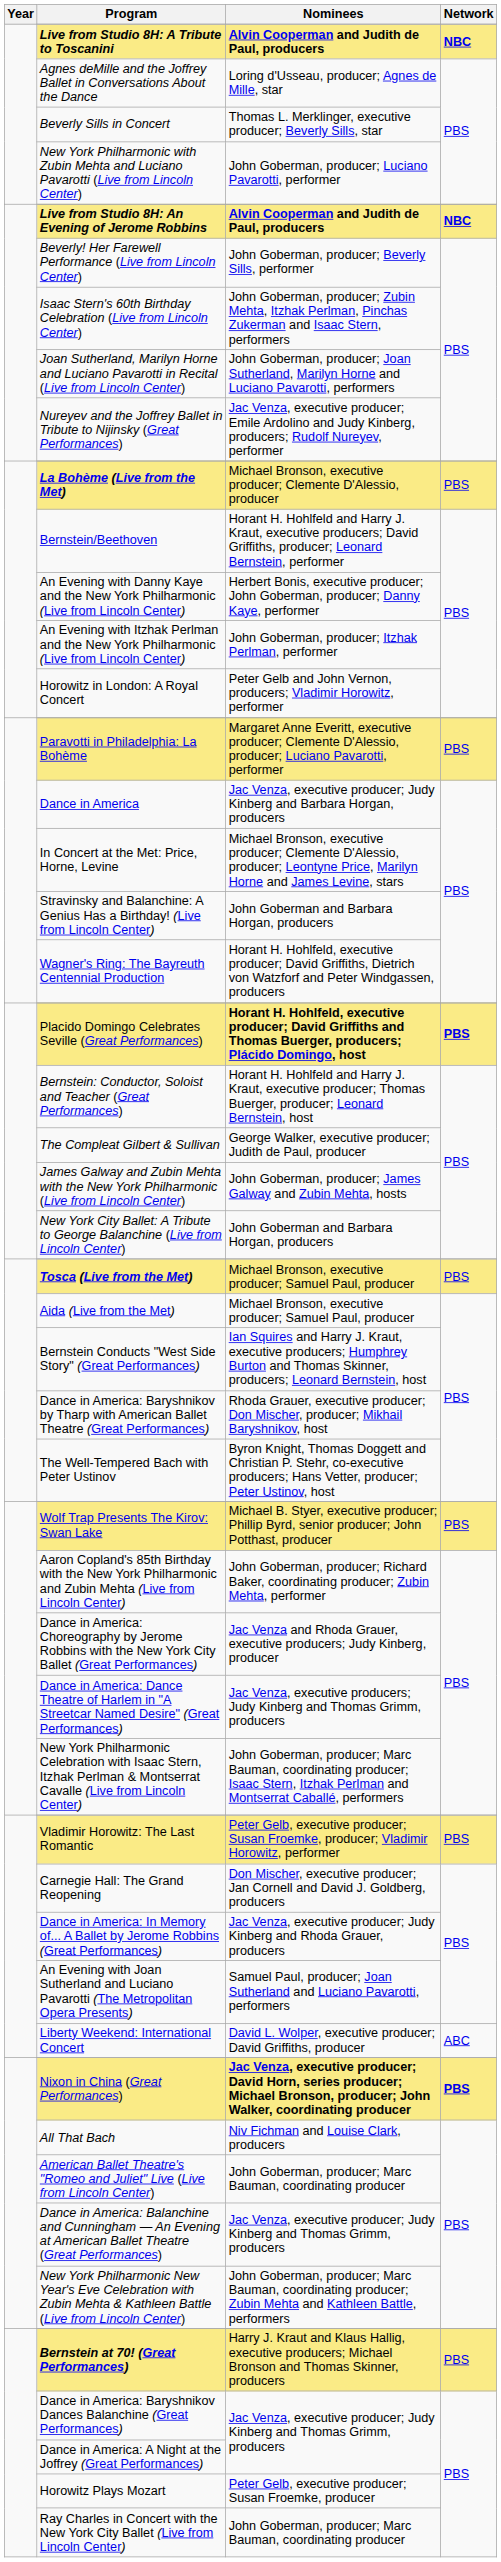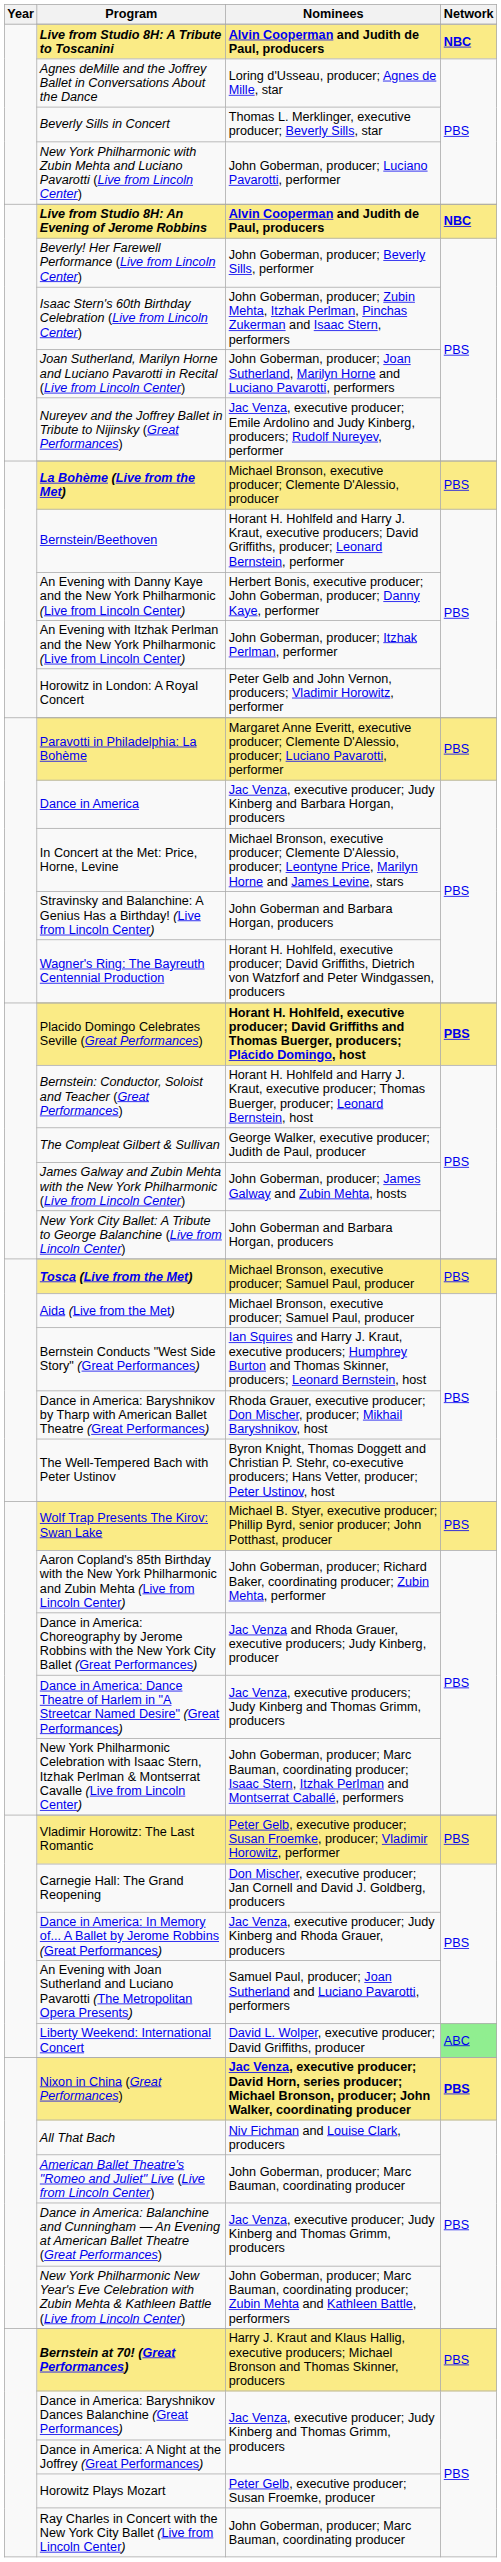 <table class="wikitable" style="width:100%">
 <tr style="background:#bebebe;">
 <th width="5%">Year</th>
 <th width="41%">Program</th>
 <th width="49%">Nominees</th>
 <th width="5%">Network</th>
 </tr>
 <tr>
 <td rowspan="5"></td>
 </tr>
 <tr style="background:#FAEB86;">
 <td><strong><em>Live from Studio 8H: A Tribute to Toscanini</em></strong></td>
 <td><strong><a href='#'>Alvin Cooperman</a> and Judith de Paul, producers</strong></td>
 <td><strong><a href='#'>NBC</a></strong></td>
 </tr>
 <tr>
 <td><em>Agnes deMille and the Joffrey Ballet in Conversations About the Dance</em></td>
 <td>Loring d'Usseau, producer; <a href='#'>Agnes de Mille</a>, star</td>
 <td rowspan=3><a href='#'>PBS</a></td>
 </tr>
 <tr>
 <td><em>Beverly Sills in Concert</em></td>
 <td>Thomas L. Merklinger, executive producer; <a href='#'>Beverly Sills</a>, star</td>
 </tr>
 <tr>
 <td><em>New York Philharmonic with Zubin Mehta and Luciano Pavarotti</em> (<em><a href='#'>Live from Lincoln Center</a></em>)</td>
 <td>John Goberman, producer; <a href='#'>Luciano Pavarotti</a>, performer</td>
 </tr>
 <tr>
 <td rowspan="6"></td>
 </tr>
 <tr style="background:#FAEB86;">
 <td><strong><em>Live from Studio 8H: An Evening of Jerome Robbins</em></strong></td>
 <td><strong><a href='#'>Alvin Cooperman</a> and Judith de Paul, producers</strong></td>
 <td><strong><a href='#'>NBC</a></strong></td>
 </tr>
 <tr>
 <td><em>Beverly! Her Farewell Performance</em> (<em><a href='#'>Live from Lincoln Center</a></em>)</td>
 <td>John Goberman, producer; <a href='#'>Beverly Sills</a>, performer</td>
 <td rowspan=4><a href='#'>PBS</a></td>
 </tr>
 <tr>
 <td><em>Isaac Stern's 60th Birthday Celebration</em> (<em><a href='#'>Live from Lincoln Center</a></em>)</td>
 <td>John Goberman, producer; <a href='#'>Zubin Mehta</a>, <a href='#'>Itzhak Perlman</a>, <a href='#'>Pinchas Zukerman</a> and <a href='#'>Isaac Stern</a>, performers</td>
 </tr>
 <tr>
 <td><em>Joan Sutherland, Marilyn Horne and Luciano Pavarotti in Recital</em> (<em><a href='#'>Live from Lincoln Center</a></em>)</td>
 <td>John Goberman, producer; <a href='#'>Joan Sutherland</a>, <a href='#'>Marilyn Horne</a> and <a href='#'>Luciano Pavarotti</a>, performers</td>
 </tr>
 <tr>
 <td><em>Nureyev and the Joffrey Ballet in Tribute to Nijinsky</em> (<em><a href='#'>Great Performances</a></em>)</td>
 <td><a href='#'>Jac Venza</a>, executive producer; Emile Ardolino and Judy Kinberg, producers; <a href='#'>Rudolf Nureyev</a>, performer</td>
 </tr>
 <tr>
 <td rowspan="6"></td>
 </tr>
 <tr style="background:#FAEB86;">
 <td><strong><em><a href='#'>La Bohème</a><em> (</em><a href='#'>Live from the Met</a><em>)<strong></td>
 <td></strong>Michael Bronson, executive producer; Clemente D'Alessio, producer<strong></td>
 <td></strong><a href='#'>PBS</a><strong></td>
 </tr>
 <tr>
 <td></em><a href='#'>Bernstein/Beethoven</a><em></td>
 <td>Horant H. Hohlfeld and Harry J. Kraut, executive producers; David Griffiths, producer; <a href='#'>Leonard Bernstein</a>, performer</td>
 <td rowspan=4><a href='#'>PBS</a></td>
 </tr>
 <tr>
 <td></em>An Evening with Danny Kaye and the New York Philharmonic<em> (</em><a href='#'>Live from Lincoln Center</a><em>)</td>
 <td>Herbert Bonis, executive producer; John Goberman, producer; <a href='#'>Danny Kaye</a>, performer</td>
 </tr>
 <tr>
 <td></em>An Evening with Itzhak Perlman and the New York Philharmonic<em> (</em><a href='#'>Live from Lincoln Center</a><em>)</td>
 <td>John Goberman, producer; <a href='#'>Itzhak Perlman</a>, performer</td>
 </tr>
 <tr>
 <td></em>Horowitz in London: A Royal Concert<em></td>
 <td>Peter Gelb and John Vernon, producers; <a href='#'>Vladimir Horowitz</a>, performer</td>
 </tr>
 <tr>
 <td rowspan="6"></td>
 </tr>
 <tr style="background:#FAEB86;">
 <td></em></strong><a href='#'>Paravotti in Philadelphia: La Bohème</a><strong><em></td>
 <td></strong>Margaret Anne Everitt, executive producer; Clemente D'Alessio, producer; <a href='#'>Luciano Pavarotti</a>, performer<strong></td>
 <td></strong><a href='#'>PBS</a><strong></td>
 </tr>
 <tr>
 <td></em><a href='#'>Dance in America</a><em></td>
 <td><a href='#'>Jac Venza</a>, executive producer; Judy Kinberg and Barbara Horgan, producers</td>
 <td rowspan=4><a href='#'>PBS</a></td>
 </tr>
 <tr>
 <td></em>In Concert at the Met: Price, Horne, Levine<em></td>
 <td>Michael Bronson, executive producer; Clemente D'Alessio, producer; <a href='#'>Leontyne Price</a>, <a href='#'>Marilyn Horne</a> and <a href='#'>James Levine</a>, stars</td>
 </tr>
 <tr>
 <td></em>Stravinsky and Balanchine: A Genius Has a Birthday!<em> (</em><a href='#'>Live from Lincoln Center</a><em>)</td>
 <td>John Goberman and Barbara Horgan, producers</td>
 </tr>
 <tr>
 <td></em><a href='#'>Wagner's Ring: The Bayreuth Centennial Production</a><em></td>
 <td>Horant H. Hohlfeld, executive producer; David Griffiths, Dietrich von Watzforf and Peter Windgassen, producers</td>
 </tr>
 <tr>
 <td rowspan="6"></td>
 </tr>
 <tr style="background:#FAEB86;">
 <td></em></strong>Placido Domingo Celebrates Seville</em> (<em><a href='#'>Great Performances</a></em>)</strong></td>
 <td><strong>Horant H. Hohlfeld, executive producer; David Griffiths and Thomas Buerger, producers; <a href='#'>Plácido Domingo</a>, host</strong></td>
 <td><strong><a href='#'>PBS</a></strong></td>
 </tr>
 <tr>
 <td><em>Bernstein: Conductor, Soloist and Teacher</em> (<em><a href='#'>Great Performances</a></em>)</td>
 <td>Horant H. Hohlfeld and Harry J. Kraut, executive producer; Thomas Buerger, producer; <a href='#'>Leonard Bernstein</a>, host</td>
 <td rowspan=4><a href='#'>PBS</a></td>
 </tr>
 <tr>
 <td><em>The Compleat Gilbert & Sullivan</em></td>
 <td>George Walker, executive producer; Judith de Paul, producer</td>
 </tr>
 <tr>
 <td><em>James Galway and Zubin Mehta with the New York Philharmonic</em> (<em><a href='#'>Live from Lincoln Center</a></em>)</td>
 <td>John Goberman, producer; <a href='#'>James Galway</a> and <a href='#'>Zubin Mehta</a>, hosts</td>
 </tr>
 <tr>
 <td><em>New York City Ballet: A Tribute to George Balanchine</em> (<em><a href='#'>Live from Lincoln Center</a></em>)</td>
 <td>John Goberman and Barbara Horgan, producers</td>
 </tr>
 <tr>
 <td rowspan="6"></td>
 </tr>
 <tr style="background:#FAEB86;">
 <td><strong><em><a href='#'>Tosca</a><em> (</em><a href='#'>Live from the Met</a><em>)<strong></td>
 <td></strong>Michael Bronson, executive producer; Samuel Paul, producer<strong></td>
 <td></strong><a href='#'>PBS</a><strong></td>
 </tr>
 <tr>
 <td></em><a href='#'>Aida</a><em> (</em><a href='#'>Live from the Met</a><em>)</td>
 <td>Michael Bronson, executive producer; Samuel Paul, producer</td>
 <td rowspan=4><a href='#'>PBS</a></td>
 </tr>
 <tr>
 <td></em>Bernstein Conducts "West Side Story"<em> (</em><a href='#'>Great Performances</a><em>)</td>
 <td><a href='#'>Ian Squires</a> and Harry J. Kraut, executive producers; <a href='#'>Humphrey Burton</a> and Thomas Skinner, producers; <a href='#'>Leonard Bernstein</a>, host</td>
 </tr>
 <tr>
 <td></em>Dance in America: Baryshnikov by Tharp with American Ballet Theatre<em> (</em><a href='#'>Great Performances</a><em>)</td>
 <td>Rhoda Grauer, executive producer; <a href='#'>Don Mischer</a>, producer; <a href='#'>Mikhail Baryshnikov</a>, host</td>
 </tr>
 <tr>
 <td></em>The Well-Tempered Bach with Peter Ustinov<em></td>
 <td>Byron Knight, Thomas Doggett and Christian P. Stehr, co-executive producers; Hans Vetter, producer; <a href='#'>Peter Ustinov</a>, host</td>
 </tr>
 <tr>
 <td rowspan="6"></td>
 </tr>
 <tr style="background:#FAEB86;">
 <td></em></strong><a href='#'>Wolf Trap Presents The Kirov: Swan Lake</a><strong><em></td>
 <td></strong>Michael B. Styer, executive producer; Phillip Byrd, senior producer; John Potthast, producer<strong></td>
 <td></strong><a href='#'>PBS</a><strong></td>
 </tr>
 <tr>
 <td></em>Aaron Copland's 85th Birthday with the New York Philharmonic and Zubin Mehta<em> (</em><a href='#'>Live from Lincoln Center</a><em>)</td>
 <td>John Goberman, producer; Richard Baker, coordinating producer; <a href='#'>Zubin Mehta</a>, performer</td>
 <td rowspan=4><a href='#'>PBS</a></td>
 </tr>
 <tr>
 <td></em>Dance in America: Choreography by Jerome Robbins with the New York City Ballet<em> (</em><a href='#'>Great Performances</a><em>)</td>
 <td><a href='#'>Jac Venza</a> and Rhoda Grauer, executive producers; Judy Kinberg, producer</td>
 </tr>
 <tr>
 <td></em><a href='#'>Dance in America: Dance Theatre of Harlem in "A Streetcar Named Desire"</a><em> (</em><a href='#'>Great Performances</a><em>)</td>
 <td><a href='#'>Jac Venza</a>, executive producers; Judy Kinberg and Thomas Grimm, producers</td>
 </tr>
 <tr>
 <td></em>New York Philharmonic Celebration with Isaac Stern, Itzhak Perlman & Montserrat Cavalle<em> (</em><a href='#'>Live from Lincoln Center</a><em>)</td>
 <td>John Goberman, producer; Marc Bauman, coordinating producer; <a href='#'>Isaac Stern</a>, <a href='#'>Itzhak Perlman</a> and <a href='#'>Montserrat Caballé</a>, performers</td>
 </tr>
 <tr>
 <td rowspan="6"></td>
 </tr>
 <tr style="background:#FAEB86;">
 <td></em></strong>Vladimir Horowitz: The Last Romantic<strong><em></td>
 <td></strong><a href='#'>Peter Gelb</a>, executive producer; <a href='#'>Susan Froemke</a>, producer; <a href='#'>Vladimir Horowitz</a>, performer<strong></td>
 <td></strong><a href='#'>PBS</a><strong></td>
 </tr>
 <tr>
 <td></em>Carnegie Hall: The Grand Reopening<em></td>
 <td><a href='#'>Don Mischer</a>, executive producer; Jan Cornell and David J. Goldberg, producers</td>
 <td rowspan=3><a href='#'>PBS</a></td>
 </tr>
 <tr>
 <td></em><a href='#'>Dance in America: In Memory of... A Ballet by Jerome Robbins</a><em> (</em><a href='#'>Great Performances</a><em>)</td>
 <td><a href='#'>Jac Venza</a>, executive producer; Judy Kinberg and Rhoda Grauer, producers</td>
 </tr>
 <tr>
 <td></em>An Evening with Joan Sutherland and Luciano Pavarotti<em> (</em><a href='#'>The Metropolitan Opera Presents</a><em>)</td>
 <td>Samuel Paul, producer; <a href='#'>Joan Sutherland</a> and <a href='#'>Luciano Pavarotti</a>, performers</td>
 </tr>
 <tr>
 <td></em><a href='#'>Liberty Weekend: International Concert</a><em></td>
 <td><a href='#'>David L. Wolper</a>, executive producer; David Griffiths, producer</td>
-<td><a href='#'>ABC</a></td>
+<td style="background: lightgreen;"><a href='#'>ABC</a></td>
 </tr>
 <tr>
 <td rowspan="6"></td>
 </tr>
 <tr style="background:#FAEB86;">
 <td></em></strong><a href='#'>Nixon in China</a></em> (<em><a href='#'>Great Performances</a></em>)</strong></td>
 <td><strong><a href='#'>Jac Venza</a>, executive producer; David Horn, series producer; Michael Bronson, producer; John Walker, coordinating producer</strong></td>
 <td><strong><a href='#'>PBS</a></strong></td>
 </tr>
 <tr>
 <td><em>All That Bach</em></td>
 <td><a href='#'>Niv Fichman</a> and <a href='#'>Louise Clark</a>, producers</td>
 <td rowspan=4><a href='#'>PBS</a></td>
 </tr>
 <tr>
 <td><em><a href='#'>American Ballet Theatre's "Romeo and Juliet" Live</a></em> (<em><a href='#'>Live from Lincoln Center</a></em>)</td>
 <td>John Goberman, producer; Marc Bauman, coordinating producer</td>
 </tr>
 <tr>
 <td><em>Dance in America: Balanchine and Cunningham — An Evening at American Ballet Theatre</em> (<em><a href='#'>Great Performances</a></em>)</td>
 <td><a href='#'>Jac Venza</a>, executive producer; Judy Kinberg and Thomas Grimm, producers</td>
 </tr>
 <tr>
 <td><em>New York Philharmonic New Year's Eve Celebration with Zubin Mehta & Kathleen Battle</em> (<em><a href='#'>Live from Lincoln Center</a></em>)</td>
 <td>John Goberman, producer; Marc Bauman, coordinating producer; <a href='#'>Zubin Mehta</a> and <a href='#'>Kathleen Battle</a>, performers</td>
 </tr>
 <tr>
 <td rowspan="6"></td>
 </tr>
 <tr style="background:#FAEB86;">
 <td><strong><em>Bernstein at 70!<em> (</em><a href='#'>Great Performances</a><em>)<strong></td>
 <td></strong>Harry J. Kraut and Klaus Hallig, executive producers; Michael Bronson and Thomas Skinner, producers<strong></td>
 <td></strong><a href='#'>PBS</a><strong></td>
 </tr>
 <tr>
 <td></em>Dance in America: Baryshnikov Dances Balanchine<em> (</em><a href='#'>Great Performances</a><em>)</td>
 <td rowspan=2><a href='#'>Jac Venza</a>, executive producer; Judy Kinberg and Thomas Grimm, producers</td>
 <td rowspan=4><a href='#'>PBS</a></td>
 </tr>
 <tr>
 <td></em>Dance in America: A Night at the Joffrey<em> (</em><a href='#'>Great Performances</a><em>)</td>
 </tr>
 <tr>
 <td></em>Horowitz Plays Mozart<em></td>
 <td><a href='#'>Peter Gelb</a>, executive producer; Susan Froemke, producer</td>
 </tr>
 <tr>
 <td></em>Ray Charles in Concert with the New York City Ballet<em> (</em><a href='#'>Live from Lincoln Center</a><em>)</td>
 <td>John Goberman, producer; Marc Bauman, coordinating producer</td>
 </tr>
 </table>
